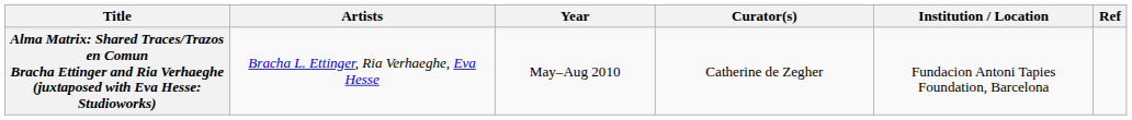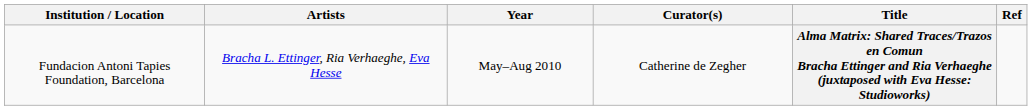 <table class="wikitable mw-collapsible plainrowheaders" style="text-align:center;">
 <tr>
-<th scope="col" style="width:20em;">Title</th>
+<th scope="col" style="width:20em;">Institution / Location</th>
 <th scope="col" style="width:25em;">Artists</th>
 <th scope="col" style="width:15em;">Year</th>
 <th scope="col" style="width:20em;">Curator(s)</th>
-<th scope="col" style="width:20em;">Institution / Location</th>
+<th scope="col" style="width:20em;">Title</th>
 <th scope="col" style="width:2em;">Ref</th>
 </tr>
 <tr>
-<th scope="row"><em>Alma Matrix:</em> <em>Shared Traces/Trazos en Comun</em><br><em>Bracha Ettinger and Ria Verhaeghe (juxtaposed with Eva Hesse: Studioworks)</em></th>
+<td><br>Fundacion Antoni Tapies Foundation, Barcelona</td>
 <td><em><a href='#'>Bracha L. Ettinger</a>, Ria Verhaeghe, <a href='#'>Eva Hesse</a></em></td>
 <td>May–Aug 2010</td>
 <td>Catherine de Zegher</td>
-<td><br>Fundacion Antoni Tapies Foundation, Barcelona</td>
+<th scope="row"><em>Alma Matrix:</em> <em>Shared Traces/Trazos en Comun</em><br><em>Bracha Ettinger and Ria Verhaeghe (juxtaposed with Eva Hesse: Studioworks)</em></th>
 <td></td>
 </tr>
 </table>
